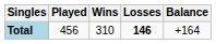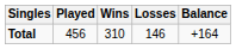 <table class="wikitable" style="text-align:center">
 <tr>
 <th>Singles</th>
 <th>Played</th>
 <th>Wins</th>
 <th>Losses</th>
 <th>Balance</th>
 </tr>
 <tr>
-<td align=left style="background: lightblue;"><strong>Total<strong><em></td>
+<td align=left><strong>Total<strong><em></td>
 <td>456</td>
 <td>310</td>
-<td><strong>146</strong></td>
+<td>146</td>
 <td></strong>+164<strong></td>
 </tr>
 </table>
